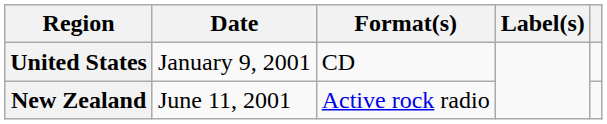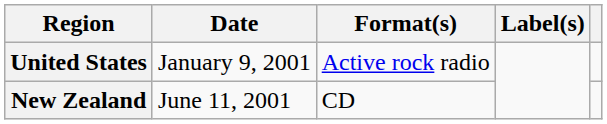 <table class="wikitable plainrowheaders">
 <tr>
 <th scope="col">Region</th>
 <th scope="col">Date</th>
 <th scope="col">Format(s)</th>
 <th scope="col">Label(s)</th>
 <th scope="col"></th>
 </tr>
 <tr>
 <th scope="row">United States</th>
 <td>January 9, 2001</td>
-<td>CD</td>
+<td><a href='#'>Active rock</a> radio</td>
 <td rowspan="2"></td>
 <td></td>
 </tr>
 <tr>
 <th scope="row">New Zealand</th>
 <td>June 11, 2001</td>
-<td><a href='#'>Active rock</a> radio</td>
+<td>CD</td>
 <td></td>
 </tr>
 </table>
